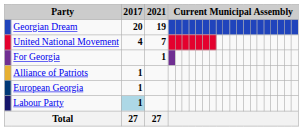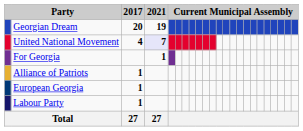 <table class="wikitable">
 <tr>
 <th colspan="2" style="background:#ccc">Party</th>
 <th style="background:#ccc">2017</th>
 <th style="background:#ccc">2021</th>
 <th colspan="24" style="background:#ccc">Current Municipal Assembly</th>
 </tr>
 <tr>
 <td style="background-color: #2044BC "> </td>
 <td><a href='#'>Georgian Dream</a></td>
 <td style="text-align: right"><strong>20</strong></td>
 <td style="text-align: right"><strong>19</strong></td>
 <td style="background-color: #2044BC "></td>
 <td style="background-color: #2044BC "> </td>
 <td style="background-color: #2044BC "> </td>
 <td style="background-color: #2044BC "> </td>
 <td style="background-color: #2044BC "> </td>
 <td style="background-color: #2044BC "> </td>
 <td style="background-color: #2044BC "> </td>
 <td style="background-color: #2044BC "> </td>
 <td style="background-color: #2044BC "> </td>
 <td style="background-color: #2044BC "> </td>
 <td style="background-color: #2044BC "> </td>
 <td style="background-color: #2044BC "> </td>
 <td style="background-color: #2044BC "> </td>
 <td style="background-color: #2044BC "> </td>
 <td style="background-color: #2044BC "> </td>
 <td style="background-color: #2044BC "> </td>
 <td style="background-color: #2044BC "> </td>
 <td style="background-color: #2044BC "> </td>
 <td style="background-color: #2044BC "> </td>
 </tr>
 <tr>
 <td style="background-color: #e4012e "> </td>
 <td><a href='#'>United National Movement</a></td>
 <td style="text-align: right"><strong>4</strong></td>
-<td style="text-align: right"><strong>7</strong></td>
+<td style="background: lavender; text-align: right"><strong>7</strong></td>
 <td style="background-color: #e4012e "> </td>
 <td style="background-color: #e4012e "> </td>
 <td style="background-color: #e4012e "> </td>
 <td style="background-color: #e4012e "> </td>
 <td style="background-color: #e4012e "> </td>
 <td style="background-color: #e4012e "> </td>
 <td style="background-color: #e4012e "> </td>
 <td></td>
 <td></td>
 <td></td>
 <td></td>
 <td></td>
 <td></td>
 <td></td>
 <td></td>
 <td></td>
 <td></td>
 <td></td>
 <td></td>
 </tr>
 <tr>
 <td style="background-color: #702F92 "> </td>
 <td><a href='#'>For Georgia</a></td>
 <td></td>
 <td style="text-align: right"><strong>1</strong></td>
 <td style="background-color: #702F92 "> </td>
 <td></td>
 <td></td>
 <td></td>
 <td></td>
 <td></td>
 <td></td>
 <td></td>
 <td></td>
 <td></td>
 <td></td>
 <td></td>
 <td></td>
 <td></td>
 <td></td>
 <td></td>
 <td></td>
 <td></td>
 <td></td>
 </tr>
 <tr>
 <td style="background-color: #e7b031 "> </td>
 <td><a href='#'>Alliance of Patriots</a></td>
 <td style="text-align: right"><strong>1</strong></td>
 <td></td>
 <td></td>
 <td></td>
 <td></td>
 <td></td>
 <td></td>
 <td></td>
 <td></td>
 <td></td>
 <td></td>
 <td></td>
 <td></td>
 <td></td>
 <td></td>
 <td></td>
 <td></td>
 <td></td>
 <td></td>
 <td></td>
 <td></td>
 </tr>
 <tr>
 <td style="background-color: #003876 "> </td>
 <td><a href='#'>European Georgia</a></td>
 <td style="text-align: right"><strong>1</strong></td>
 <td></td>
 <td></td>
 <td></td>
 <td></td>
 <td></td>
 <td></td>
 <td></td>
 <td></td>
 <td></td>
 <td></td>
 <td></td>
 <td></td>
 <td></td>
 <td></td>
 <td></td>
 <td></td>
 <td></td>
 <td></td>
 <td></td>
 <td></td>
 </tr>
 <tr>
 <td style="background-color: #16166b "> </td>
 <td><a href='#'>Labour Party</a></td>
-<td style="background: lightblue; text-align: right"><strong>1</strong></td>
+<td style="text-align: right"><strong>1</strong></td>
 <td></td>
 <td></td>
 <td></td>
 <td></td>
 <td></td>
 <td></td>
 <td></td>
 <td></td>
 <td></td>
 <td></td>
 <td></td>
 <td></td>
 <td></td>
 <td></td>
 <td></td>
 <td></td>
 <td></td>
 <td></td>
 <td></td>
 <td></td>
 </tr>
 <tr>
 <th colspan="2">Total</th>
 <th align="right">27</th>
 <th align="right">27</th>
 <th colspan="24"> </th>
 </tr>
 </table>
